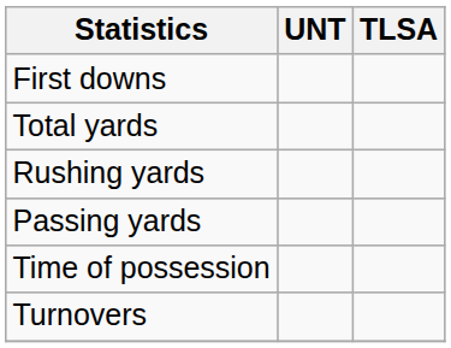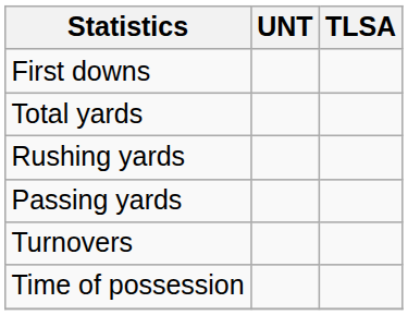 <table class="wikitable" style="float: left;">
 <tr>
 <th>Statistics</th>
 <th>UNT</th>
 <th>TLSA</th>
 </tr>
 <tr>
 <td>First downs</td>
 <td></td>
 <td></td>
 </tr>
 <tr>
 <td>Total yards</td>
 <td></td>
 <td></td>
 </tr>
 <tr>
 <td>Rushing yards</td>
 <td></td>
 <td></td>
 </tr>
 <tr>
 <td>Passing yards</td>
 <td></td>
 <td></td>
 </tr>
 <tr>
-<td>Time of possession</td>
+<td>Turnovers</td>
 <td></td>
 <td></td>
 </tr>
 <tr>
-<td>Turnovers</td>
+<td>Time of possession</td>
 <td></td>
 <td></td>
 </tr>
 <tr>
 </tr>
 </table>
